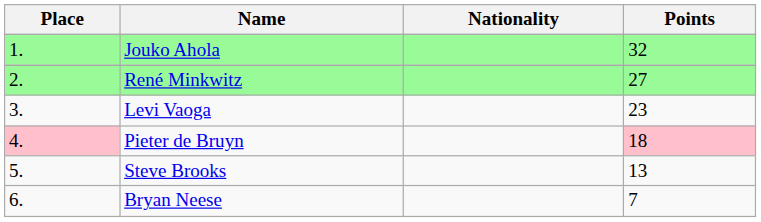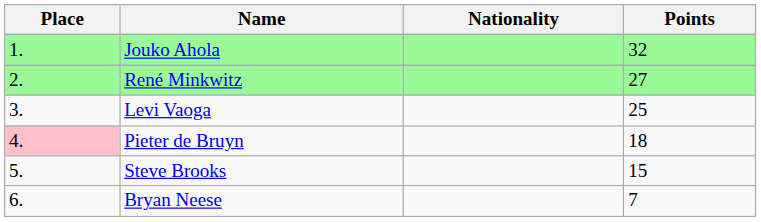 <table class="wikitable" style="display: inline-table; width: 50%;">
 <tr>
 <th>Place</th>
 <th>Name</th>
 <th>Nationality</th>
 <th>Points</th>
 </tr>
 <tr>
 </tr>
 <tr bgcolor=palegreen>
 <td>1.</td>
 <td><a href='#'>Jouko Ahola</a></td>
 <td></td>
 <td>32</td>
 </tr>
 <tr>
 </tr>
 <tr bgcolor=palegreen>
 <td>2.</td>
 <td><a href='#'>René Minkwitz</a></td>
 <td></td>
 <td>27</td>
 </tr>
 <tr>
 <td>3.</td>
 <td><a href='#'>Levi Vaoga</a></td>
 <td></td>
-<td>23</td>
+<td>25</td>
 </tr>
 <tr>
 <td style="background: pink;">4.</td>
 <td><a href='#'>Pieter de Bruyn</a></td>
 <td></td>
-<td style="background: pink;">18</td>
+<td>18</td>
 </tr>
 <tr>
 <td>5.</td>
 <td><a href='#'>Steve Brooks</a></td>
 <td></td>
-<td>13</td>
+<td>15</td>
 </tr>
 <tr>
 <td>6.</td>
 <td><a href='#'>Bryan Neese</a></td>
 <td></td>
 <td>7</td>
 </tr>
 </table>
